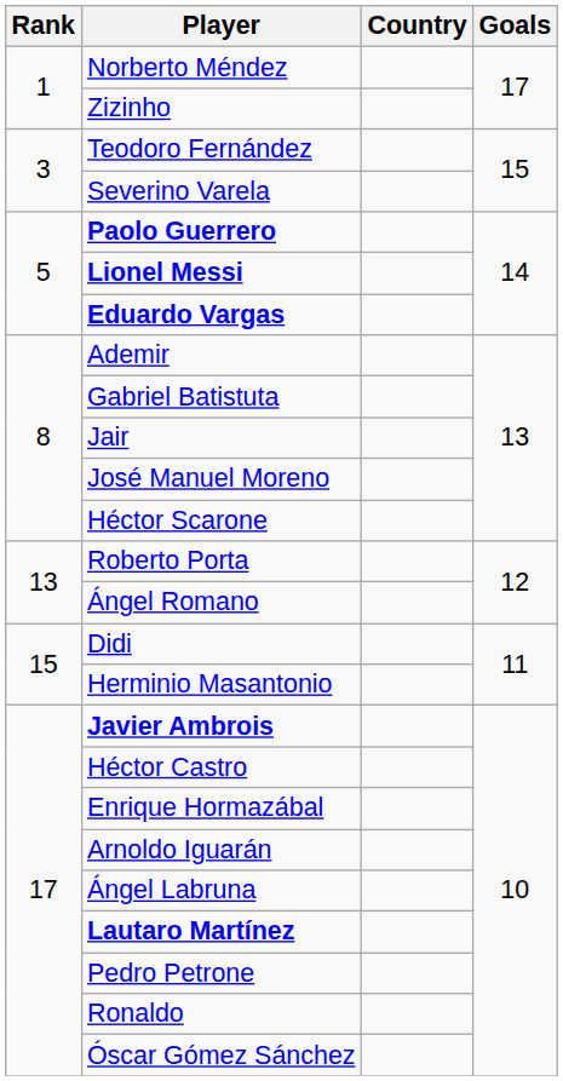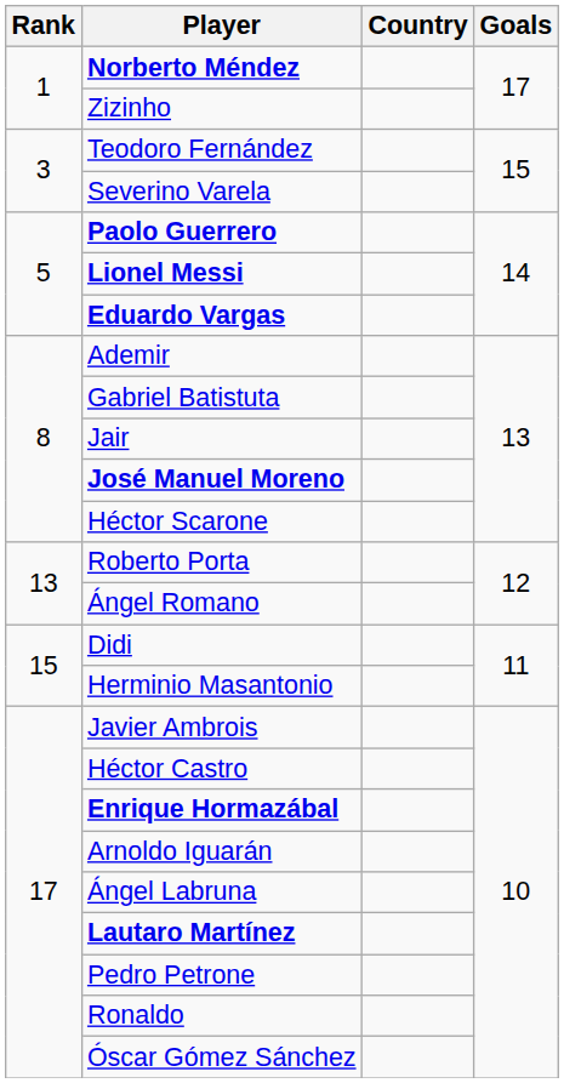 <table class="wikitable">
 <tr>
 <th>Rank</th>
 <th>Player</th>
 <th>Country</th>
 <th>Goals</th>
 </tr>
 <tr>
 <td rowspan="2" align="center">1</td>
-<td><a href='#'>Norberto Méndez</a></td>
+<td><strong><a href='#'>Norberto Méndez</a></strong></td>
 <td></td>
 <td rowspan="2" align="center">17</td>
 </tr>
 <tr>
 <td><a href='#'>Zizinho</a></td>
 <td></td>
 </tr>
 <tr>
 <td rowspan="2" align="center">3</td>
 <td><a href='#'>Teodoro Fernández</a></td>
 <td></td>
 <td rowspan="2" align="center">15</td>
 </tr>
 <tr>
 <td><a href='#'>Severino Varela</a></td>
 <td></td>
 </tr>
 <tr>
 <td rowspan="3" align="center">5</td>
 <td><strong><a href='#'>Paolo Guerrero</a></strong></td>
 <td></td>
 <td rowspan="3" align="center">14</td>
 </tr>
 <tr>
 <td><strong><a href='#'>Lionel Messi</a></strong></td>
 <td></td>
 </tr>
 <tr>
 <td><strong><a href='#'>Eduardo Vargas</a></strong></td>
 <td></td>
 </tr>
 <tr>
 <td rowspan="5" align="center">8</td>
 <td><a href='#'>Ademir</a></td>
 <td></td>
 <td rowspan="5" align="center">13</td>
 </tr>
 <tr>
 <td><a href='#'>Gabriel Batistuta</a></td>
 <td></td>
 </tr>
 <tr>
 <td><a href='#'>Jair</a></td>
 <td></td>
 </tr>
 <tr>
-<td><a href='#'>José Manuel Moreno</a></td>
+<td><strong><a href='#'>José Manuel Moreno</a></strong></td>
 <td></td>
 </tr>
 <tr>
 <td><a href='#'>Héctor Scarone</a></td>
 <td></td>
 </tr>
 <tr>
 <td rowspan="2" align="center">13</td>
 <td><a href='#'>Roberto Porta</a></td>
 <td></td>
 <td rowspan="2" align="center">12</td>
 </tr>
 <tr>
 <td><a href='#'>Ángel Romano</a></td>
 <td></td>
 </tr>
 <tr>
 <td rowspan="2" align="center">15</td>
 <td><a href='#'>Didi</a></td>
 <td></td>
 <td rowspan="2" align="center">11</td>
 </tr>
 <tr>
 <td><a href='#'>Herminio Masantonio</a></td>
 <td></td>
 </tr>
 <tr>
 <td rowspan="9" align="center">17</td>
-<td><strong><a href='#'>Javier Ambrois</a></strong></td>
+<td><a href='#'>Javier Ambrois</a></td>
 <td></td>
 <td rowspan="9" align="center">10</td>
 </tr>
 <tr>
 <td><a href='#'>Héctor Castro</a></td>
 <td></td>
 </tr>
 <tr>
-<td><a href='#'>Enrique Hormazábal</a></td>
+<td><strong><a href='#'>Enrique Hormazábal</a></strong></td>
 <td></td>
 </tr>
 <tr>
 <td><a href='#'>Arnoldo Iguarán</a></td>
 <td></td>
 </tr>
 <tr>
 <td><a href='#'>Ángel Labruna</a></td>
 <td></td>
 </tr>
 <tr>
 <td><strong><a href='#'>Lautaro Martínez</a></strong></td>
 <td></td>
 </tr>
 <tr>
 <td><a href='#'>Pedro Petrone</a></td>
 <td></td>
 </tr>
 <tr>
 <td><a href='#'>Ronaldo</a></td>
 <td></td>
 </tr>
 <tr>
 <td><a href='#'>Óscar Gómez Sánchez</a></td>
 <td></td>
 </tr>
 </table>
